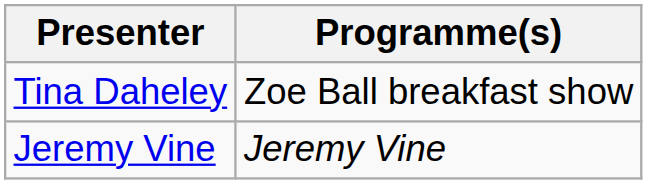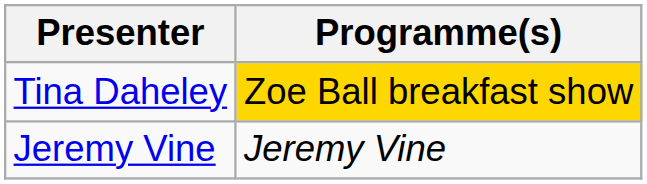 <table class="wikitable sortable">
 <tr>
 <th>Presenter</th>
 <th>Programme(s) </th>
 </tr>
 <tr>
 <td><a href='#'>Tina Daheley</a></td>
-<td>Zoe Ball breakfast show</td>
+<td style="background: gold;">Zoe Ball breakfast show</td>
 </tr>
 <tr>
 <td><a href='#'>Jeremy Vine</a></td>
 <td><em>Jeremy Vine</em></td>
 </tr>
 </table>
